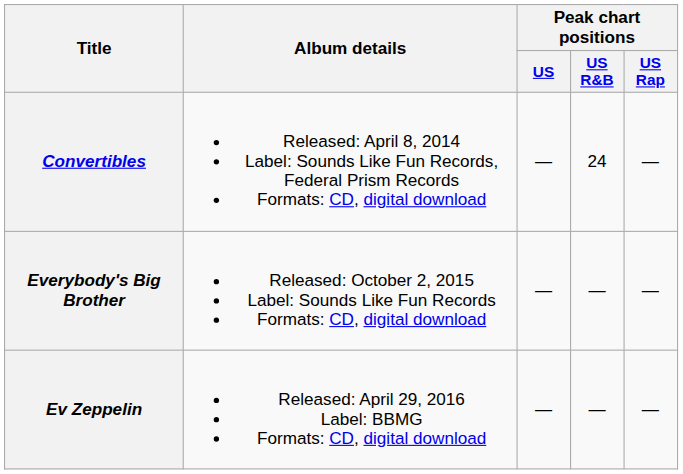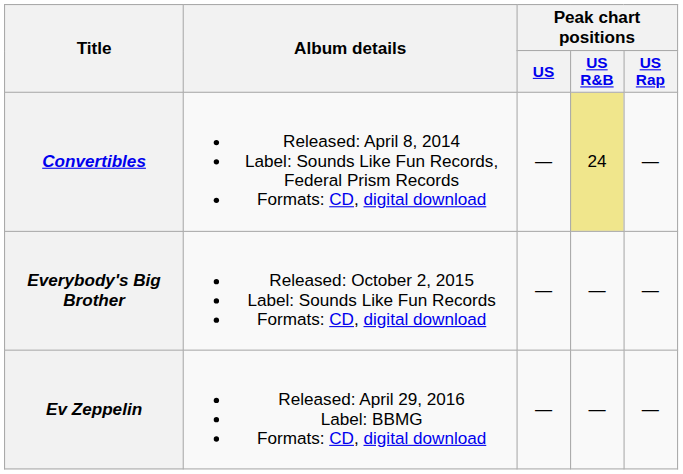 <table class="wikitable plainrowheaders" style="text-align:center;">
 <tr>
 <th scope="col" rowspan="2" style="width:10em;">Title</th>
 <th scope="col" rowspan="2" style="width:19em;">Album details</th>
 <th scope="col" colspan="3">Peak chart positions</th>
 </tr>
 <tr>
 <th scope="col" style="width:3em;font-size:90%;"><a href='#'>US</a></th>
 <th scope="col" style="width:3em;font-size:90%;"><a href='#'>US<br>R&B</a></th>
 <th scope="col" style="width:3em;font-size:90%;"><a href='#'>US<br>Rap</a></th>
 </tr>
 <tr>
 <th scope="row"><em><a href='#'>Convertibles</a></em></th>
 <td><br><ul><li>Released: April 8, 2014</li><li>Label: Sounds Like Fun Records, Federal Prism Records</li><li>Formats: <a href='#'>CD</a>, <a href='#'>digital download</a></li></ul></td>
 <td>—</td>
-<td>24</td>
+<td style="background: khaki;">24</td>
 <td>—</td>
 </tr>
 <tr>
 <th scope="row"><em>Everybody's Big Brother</em></th>
 <td><br><ul><li>Released: October 2, 2015</li><li>Label: Sounds Like Fun Records</li><li>Formats: <a href='#'>CD</a>, <a href='#'>digital download</a></li></ul></td>
 <td>—</td>
 <td>—</td>
 <td>—</td>
 </tr>
 <tr>
 <th scope="row"><em>Ev Zeppelin</em><br></th>
 <td><br><ul><li>Released: April 29, 2016</li><li>Label: BBMG</li><li>Formats: <a href='#'>CD</a>, <a href='#'>digital download</a></li></ul></td>
 <td>—</td>
 <td>—</td>
 <td>—</td>
 </tr>
 </table>
